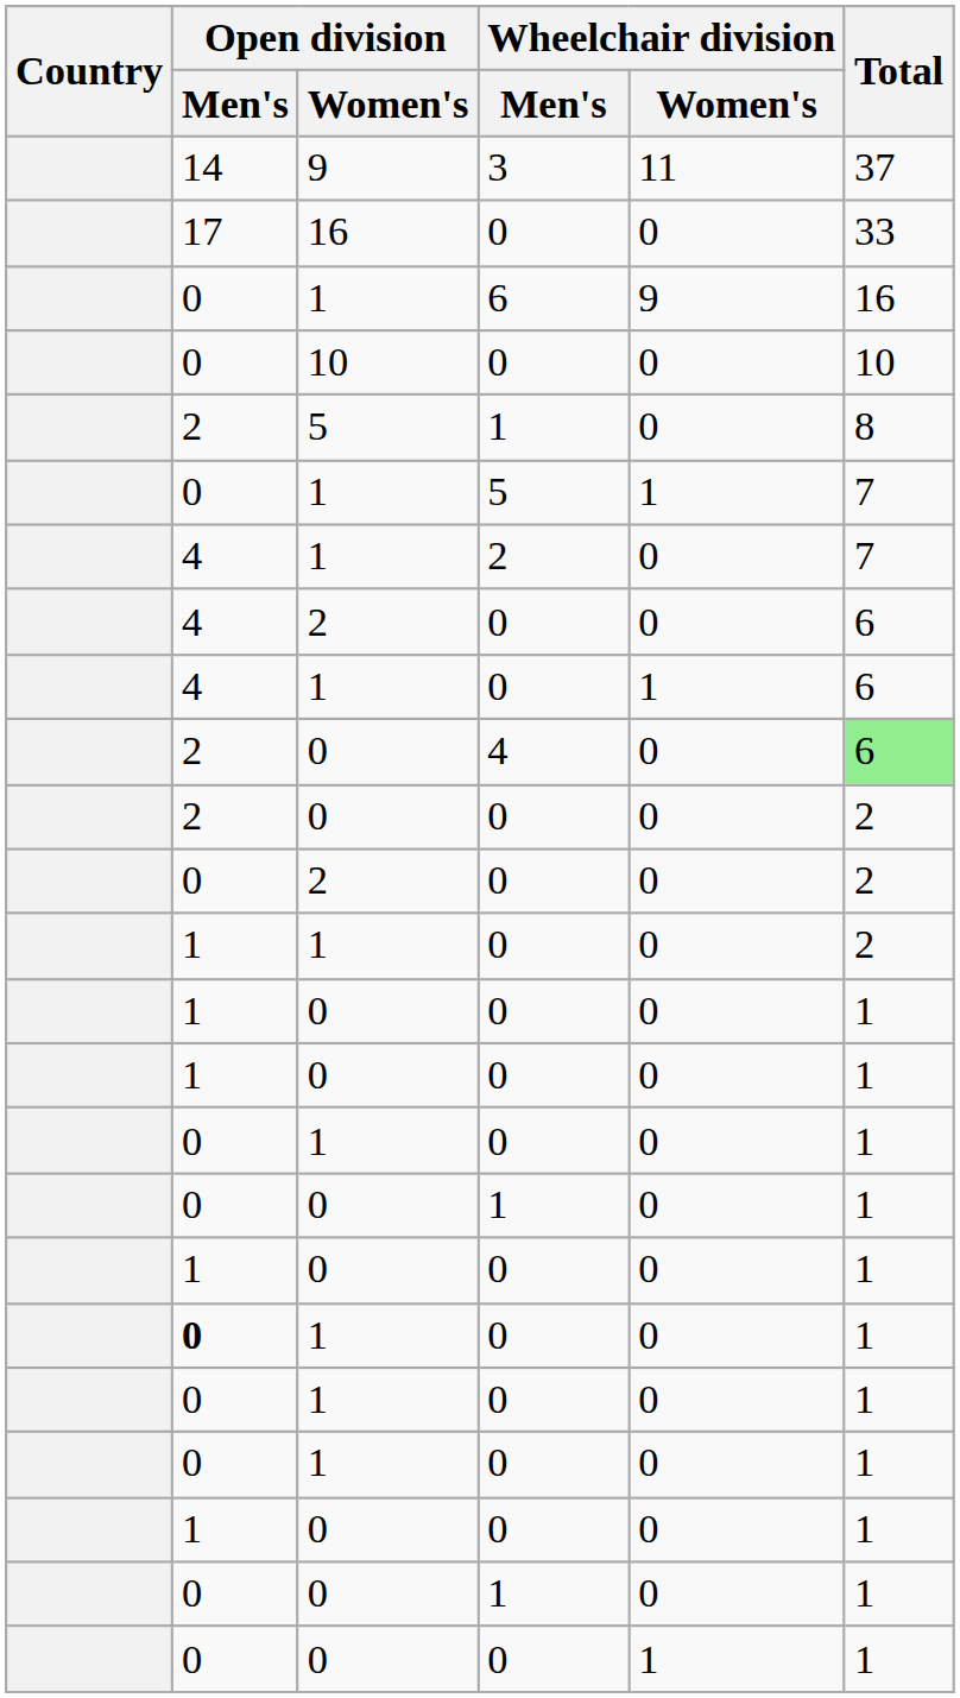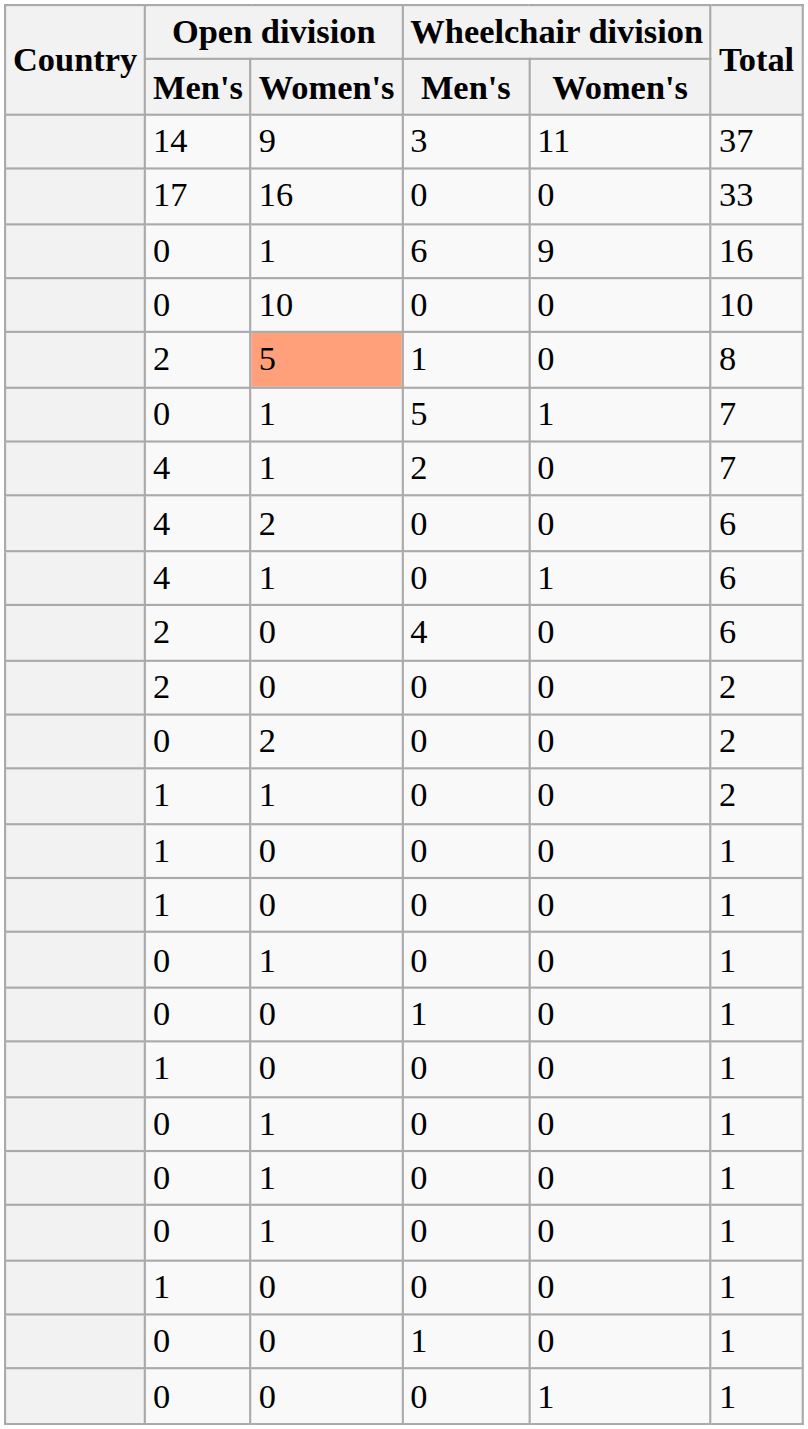 <table class="wikitable sortable plainrowheaders">
 <tr>
 <th scope="col" rowspan="2">Country</th>
 <th scope="col" class="unsortable" colspan="2">Open division</th>
 <th scope="col" class="unsortable" colspan="2">Wheelchair division</th>
 <th scope="col" rowspan="2">Total</th>
 </tr>
 <tr>
 <th scope="col">Men's</th>
 <th scope="col">Women's</th>
 <th scope="col">Men's</th>
 <th scope="col">Women's</th>
 </tr>
 <tr>
 <th scope="row"></th>
 <td>14</td>
 <td>9</td>
 <td>3</td>
 <td>11</td>
 <td>37</td>
 </tr>
 <tr>
 <th scope="row"></th>
 <td>17</td>
 <td>16</td>
 <td>0</td>
 <td>0</td>
 <td>33</td>
 </tr>
 <tr>
 <th scope="row"></th>
 <td>0</td>
 <td>1</td>
 <td>6</td>
 <td>9</td>
 <td>16</td>
 </tr>
 <tr>
 <th scope="row"></th>
 <td>0</td>
 <td>10</td>
 <td>0</td>
 <td>0</td>
 <td>10</td>
 </tr>
 <tr>
 <th scope="row"></th>
 <td>2</td>
-<td>5</td>
+<td style="background: lightsalmon;">5</td>
 <td>1</td>
 <td>0</td>
 <td>8</td>
 </tr>
 <tr>
 <th scope="row"></th>
 <td>0</td>
 <td>1</td>
 <td>5</td>
 <td>1</td>
 <td>7</td>
 </tr>
 <tr>
 <th scope="row"></th>
 <td>4</td>
 <td>1</td>
 <td>2</td>
 <td>0</td>
 <td>7</td>
 </tr>
 <tr>
 <th scope="row"></th>
 <td>4</td>
 <td>2</td>
 <td>0</td>
 <td>0</td>
 <td>6</td>
 </tr>
 <tr>
 <th scope="row"></th>
 <td>4</td>
 <td>1</td>
 <td>0</td>
 <td>1</td>
 <td>6</td>
 </tr>
 <tr>
 <th scope="row"></th>
 <td>2</td>
 <td>0</td>
 <td>4</td>
 <td>0</td>
-<td style="background: lightgreen;">6</td>
+<td>6</td>
 </tr>
 <tr>
 <th scope="row"></th>
 <td>2</td>
 <td>0</td>
 <td>0</td>
 <td>0</td>
 <td>2</td>
 </tr>
 <tr>
 <th scope="row"></th>
 <td>0</td>
 <td>2</td>
 <td>0</td>
 <td>0</td>
 <td>2</td>
 </tr>
 <tr>
 <th scope="row"></th>
 <td>1</td>
 <td>1</td>
 <td>0</td>
 <td>0</td>
 <td>2</td>
 </tr>
 <tr>
 <th scope="row"></th>
 <td>1</td>
 <td>0</td>
 <td>0</td>
 <td>0</td>
 <td>1</td>
 </tr>
 <tr>
 <th scope="row"></th>
 <td>1</td>
 <td>0</td>
 <td>0</td>
 <td>0</td>
 <td>1</td>
 </tr>
 <tr>
 <th scope="row"></th>
 <td>0</td>
 <td>1</td>
 <td>0</td>
 <td>0</td>
 <td>1</td>
 </tr>
 <tr>
 <th scope="row"></th>
 <td>0</td>
 <td>0</td>
 <td>1</td>
 <td>0</td>
 <td>1</td>
 </tr>
 <tr>
 <th scope="row"></th>
 <td>1</td>
 <td>0</td>
 <td>0</td>
 <td>0</td>
 <td>1</td>
 </tr>
 <tr>
 <th scope="row"></th>
-<td><strong>0</strong></td>
+<td>0</td>
 <td>1</td>
 <td>0</td>
 <td>0</td>
 <td>1</td>
 </tr>
 <tr>
 <th scope="row"></th>
 <td>0</td>
 <td>1</td>
 <td>0</td>
 <td>0</td>
 <td>1</td>
 </tr>
 <tr>
 <th scope="row"></th>
 <td>0</td>
 <td>1</td>
 <td>0</td>
 <td>0</td>
 <td>1</td>
 </tr>
 <tr>
 <th scope="row"></th>
 <td>1</td>
 <td>0</td>
 <td>0</td>
 <td>0</td>
 <td>1</td>
 </tr>
 <tr>
 <th scope="row"></th>
 <td>0</td>
 <td>0</td>
 <td>1</td>
 <td>0</td>
 <td>1</td>
 </tr>
 <tr>
 <th scope="row"></th>
 <td>0</td>
 <td>0</td>
 <td>0</td>
 <td>1</td>
 <td>1</td>
 </tr>
 </table>
